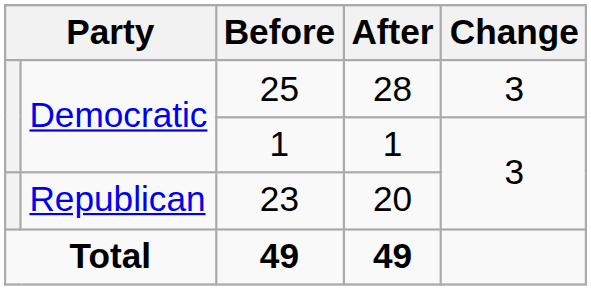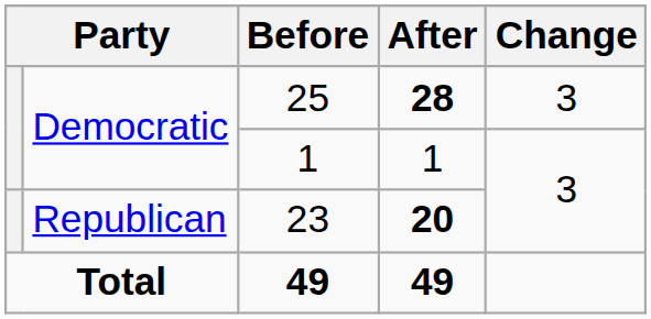 <table class="wikitable" style="text-align:center;">
 <tr>
 </tr>
 <tr>
 <th colspan=2>Party</th>
 <th>Before</th>
 <th>After</th>
 <th>Change</th>
 </tr>
 <tr>
 <th rowspan=2 style="background-color:"></th>
 <td rowspan=2 style="text-align:left;"><a href='#'>Democratic</a></td>
 <td>25</td>
-<td>28</td>
+<td><strong>28</strong></td>
 <td> 3</td>
 </tr>
 <tr>
 <td>1</td>
 <td>1</td>
 <td rowspan=2> 3</td>
 </tr>
 <tr>
 <th style="background-color:"></th>
 <td style="text-align:left;"><a href='#'>Republican</a></td>
 <td>23</td>
-<td>20</td>
+<td><strong>20</strong></td>
 </tr>
 <tr>
 <td colspan=2><strong>Total</strong></td>
 <td><strong>49</strong></td>
 <td><strong>49</strong></td>
 <td></td>
 </tr>
 </table>
